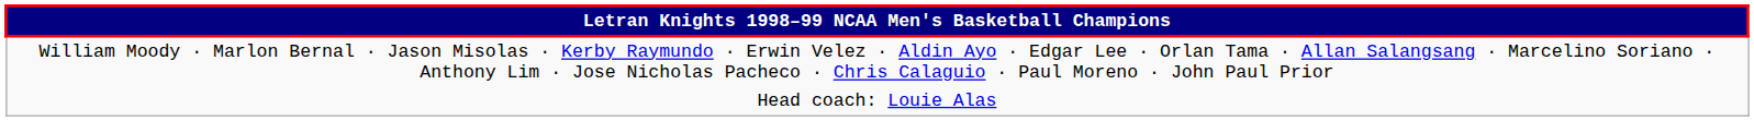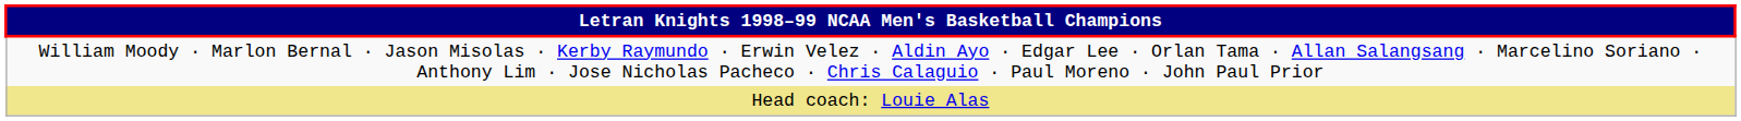 <table class="wikitable" style="text-align: center">
 <tr>
 <th style = "background:#020080; border:2px solid red; color:white">Letran Knights 1998–99 NCAA Men's Basketball Champions</th>
 </tr>
 <tr>
 <td style="border-style: none none none none;">William Moody · Marlon Bernal · Jason Misolas · <a href='#'>Kerby Raymundo</a> · Erwin Velez · <a href='#'>Aldin Ayo</a> · Edgar Lee · Orlan Tama · <a href='#'>Allan Salangsang</a> · Marcelino Soriano · Anthony Lim · Jose Nicholas Pacheco · <a href='#'>Chris Calaguio</a> · Paul Moreno · John Paul Prior</td>
 </tr>
 <tr>
-<td style="border-style: none none none none;">Head coach: <a href='#'>Louie Alas</a></td>
+<td style="background: khaki; border-style: none none none none;">Head coach: <a href='#'>Louie Alas</a></td>
 </tr>
 </table>
